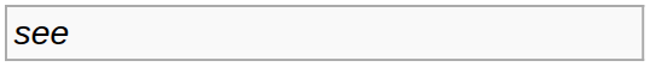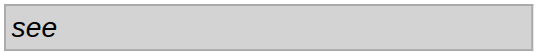 <table class="wikitable floatright" style="font-size: 90%; width: 270px;">
 <tr>
 </tr>
 <tr>
-<td><em>see </em></td>
+<td style="background: lightgrey;"><em>see </em></td>
 </tr>
 </table>
